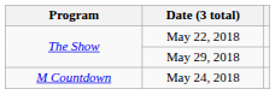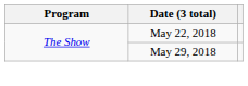 <table class="wikitable" style="text-align:center">
 <tr>
 <th width="160">Program</th>
 <th width="140">Date (3 total)</th>
 <th></th>
 </tr>
 <tr>
 <td rowspan="2"><em><a href='#'>The Show</a></em></td>
 <td>May 22, 2018</td>
 <td></td>
 </tr>
 <tr>
 <td>May 29, 2018</td>
 <td></td>
 </tr>
-<tr>
-<td><em><a href='#'>M Countdown</a></em></td>
-<td>May 24, 2018</td>
-<td></td>
-</tr>
 </table>
